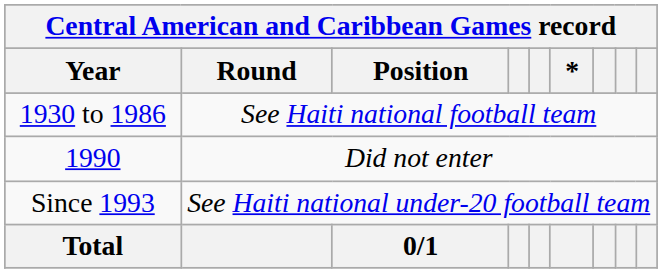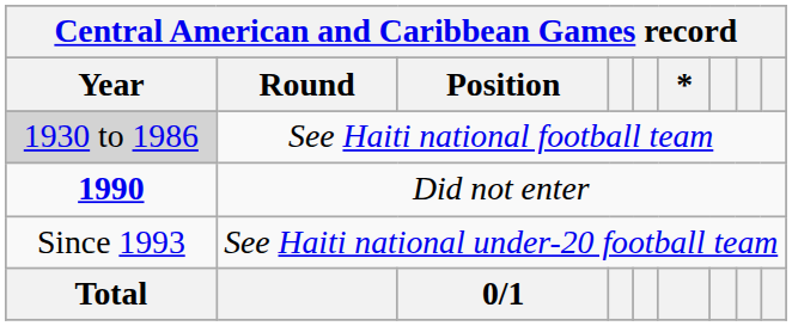 <table class="wikitable" style="text-align: center;">
 <tr>
 <th colspan=9><a href='#'>Central American and Caribbean Games</a> record</th>
 </tr>
 <tr>
 <th>Year</th>
 <th>Round</th>
 <th>Position</th>
 <th></th>
 <th></th>
 <th>*</th>
 <th></th>
 <th></th>
 <th></th>
 </tr>
 <tr>
-<td><a href='#'>1930</a> to <a href='#'>1986</a></td>
+<td style="background: lightgrey;"><a href='#'>1930</a> to <a href='#'>1986</a></td>
 <td colspan=8><em>See <a href='#'>Haiti national football team</a></em></td>
 </tr>
 <tr>
-<td> <a href='#'>1990</a></td>
+<td><strong> <a href='#'>1990</a></strong></td>
 <td colspan=9><em>Did not enter</em></td>
 </tr>
 <tr>
 <td>Since <a href='#'>1993</a></td>
 <td colspan=9><em>See <a href='#'>Haiti national under-20 football team</a></em></td>
 </tr>
 <tr>
 <th><strong>Total</strong></th>
 <th></th>
 <th>0/1</th>
 <th></th>
 <th></th>
 <th></th>
 <th></th>
 <th></th>
 <th></th>
 </tr>
 </table>
